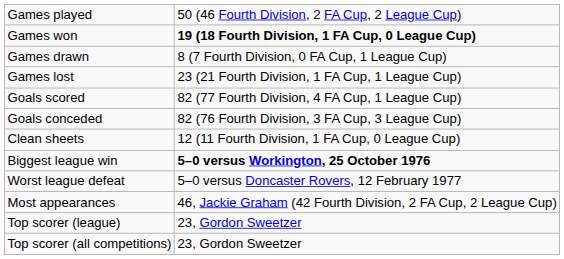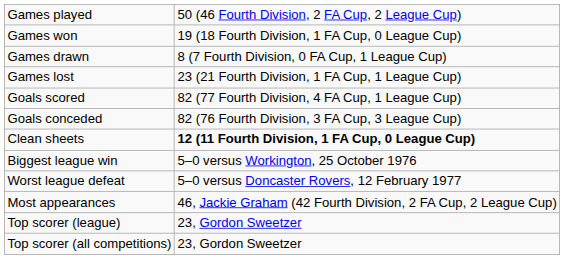 <table class="wikitable">
 <tr>
 <td>Games played</td>
 <td>50 (46 <a href='#'>Fourth Division</a>, 2 <a href='#'>FA Cup</a>, 2 <a href='#'>League Cup</a>)</td>
 </tr>
 <tr>
 <td>Games won</td>
-<td><strong>19 (18 Fourth Division, 1 FA Cup, 0 League Cup)</strong></td>
+<td>19 (18 Fourth Division, 1 FA Cup, 0 League Cup)</td>
 </tr>
 <tr>
 <td>Games drawn</td>
 <td>8 (7 Fourth Division, 0 FA Cup, 1 League Cup)</td>
 </tr>
 <tr>
 <td>Games lost</td>
 <td>23 (21 Fourth Division, 1 FA Cup, 1 League Cup)</td>
 </tr>
 <tr>
 <td>Goals scored</td>
 <td>82 (77 Fourth Division, 4 FA Cup, 1 League Cup)</td>
 </tr>
 <tr>
 <td>Goals conceded</td>
 <td>82 (76 Fourth Division, 3 FA Cup, 3 League Cup)</td>
 </tr>
 <tr>
 <td>Clean sheets</td>
-<td>12 (11 Fourth Division, 1 FA Cup, 0 League Cup)</td>
+<td><strong>12 (11 Fourth Division, 1 FA Cup, 0 League Cup)</strong></td>
 </tr>
 <tr>
 <td>Biggest league win</td>
-<td><strong>5–0 versus <a href='#'>Workington</a>, 25 October 1976</strong></td>
+<td>5–0 versus <a href='#'>Workington</a>, 25 October 1976</td>
 </tr>
 <tr>
 <td>Worst league defeat</td>
 <td>5–0 versus <a href='#'>Doncaster Rovers</a>, 12 February 1977</td>
 </tr>
 <tr>
 <td>Most appearances</td>
 <td>46, <a href='#'>Jackie Graham</a> (42 Fourth Division, 2 FA Cup, 2 League Cup)</td>
 </tr>
 <tr>
 <td>Top scorer (league)</td>
 <td>23, <a href='#'>Gordon Sweetzer</a></td>
 </tr>
 <tr>
 <td>Top scorer (all competitions)</td>
 <td>23, Gordon Sweetzer</td>
 </tr>
 </table>
